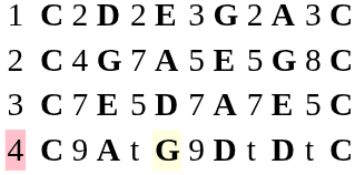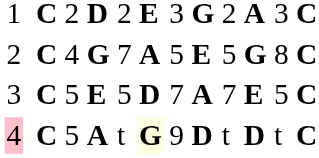 <table>
 <tr>
 <td>1</td>
 <td></td>
 <td><strong>C</strong></td>
 <td>2</td>
 <td><strong>D</strong></td>
 <td>2</td>
 <td><strong>E</strong></td>
 <td>3</td>
 <td><strong>G</strong></td>
 <td>2</td>
 <td><strong>A</strong></td>
 <td>3</td>
 <td><strong>C</strong></td>
 </tr>
 <tr>
 <td>2</td>
 <td></td>
 <td><strong>C</strong></td>
 <td>4</td>
 <td><strong>G</strong></td>
 <td>7</td>
 <td><strong>A</strong></td>
 <td>5</td>
 <td><strong>E</strong></td>
 <td>5</td>
 <td><strong>G</strong></td>
 <td>8</td>
 <td><strong>C</strong></td>
 </tr>
 <tr>
 <td>3</td>
 <td></td>
 <td><strong>C</strong></td>
-<td>7</td>
+<td>5</td>
 <td><strong>E</strong></td>
 <td>5</td>
 <td><strong>D</strong></td>
 <td>7</td>
 <td><strong>A</strong></td>
 <td>7</td>
 <td><strong>E</strong></td>
 <td>5</td>
 <td><strong>C</strong></td>
 </tr>
 <tr>
 <td style="background: pink;">4</td>
 <td></td>
 <td><strong>C</strong></td>
-<td>9</td>
+<td>5</td>
 <td><strong>A</strong></td>
 <td>t</td>
 <td style="background: lightyellow;"><strong>G</strong></td>
 <td>9</td>
 <td><strong>D</strong></td>
 <td>t</td>
 <td><strong>D</strong></td>
 <td>t</td>
 <td><strong>C</strong></td>
 </tr>
 </table>
